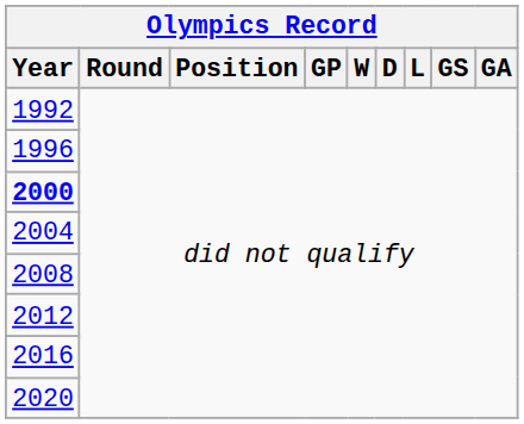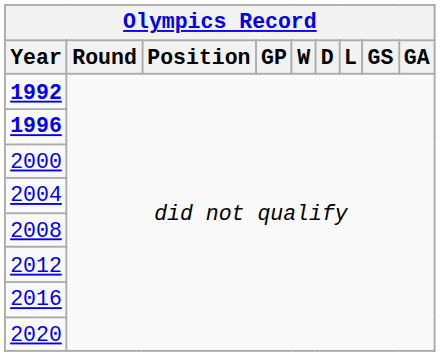 <table class="wikitable" style="text-align: center;font-size:89%;">
 <tr>
 <th colspan=9><a href='#'>Olympics Record</a></th>
 </tr>
 <tr>
 <th>Year</th>
 <th>Round</th>
 <th>Position</th>
 <th>GP</th>
 <th>W</th>
 <th>D</th>
 <th>L</th>
 <th>GS</th>
 <th>GA</th>
 </tr>
 <tr>
-<td> <a href='#'>1992</a></td>
+<td><strong> <a href='#'>1992</a></strong></td>
 <td colspan=8 rowspan=8><em>did not qualify</em></td>
 </tr>
 <tr>
-<td> <a href='#'>1996</a></td>
+<td><strong> <a href='#'>1996</a></strong></td>
 </tr>
 <tr>
-<td><strong> <a href='#'>2000</a></strong></td>
+<td> <a href='#'>2000</a></td>
 </tr>
 <tr>
 <td> <a href='#'>2004</a></td>
 </tr>
 <tr>
 <td> <a href='#'>2008</a></td>
 </tr>
 <tr>
 <td> <a href='#'>2012</a></td>
 </tr>
 <tr>
 <td> <a href='#'>2016</a></td>
 </tr>
 <tr>
 <td> <a href='#'>2020</a></td>
 </tr>
 </table>
